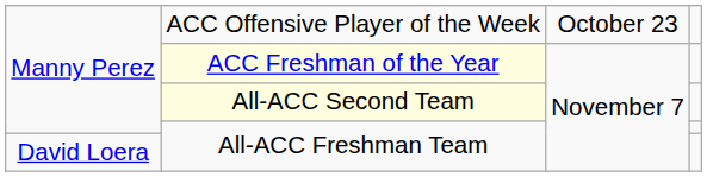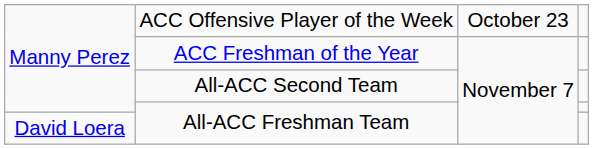 <table class="wikitable sortable" style="text-align: center">
 <tr>
 <td rowspan="4"><a href='#'>Manny Perez</a></td>
 <td>ACC Offensive Player of the Week</td>
 <td>October 23</td>
 <td></td>
 </tr>
 <tr>
-<td style="background: lightyellow;"><a href='#'>ACC Freshman of the Year</a></td>
+<td><a href='#'>ACC Freshman of the Year</a></td>
 <td rowspan="4">November 7</td>
 <td></td>
 </tr>
 <tr>
-<td style="background: lightyellow;">All-ACC Second Team</td>
+<td>All-ACC Second Team</td>
 <td></td>
 </tr>
 <tr>
 <td rowspan="2">All-ACC Freshman Team</td>
 <td></td>
 </tr>
 <tr>
 <td><a href='#'>David Loera</a></td>
 <td></td>
 </tr>
 </table>
